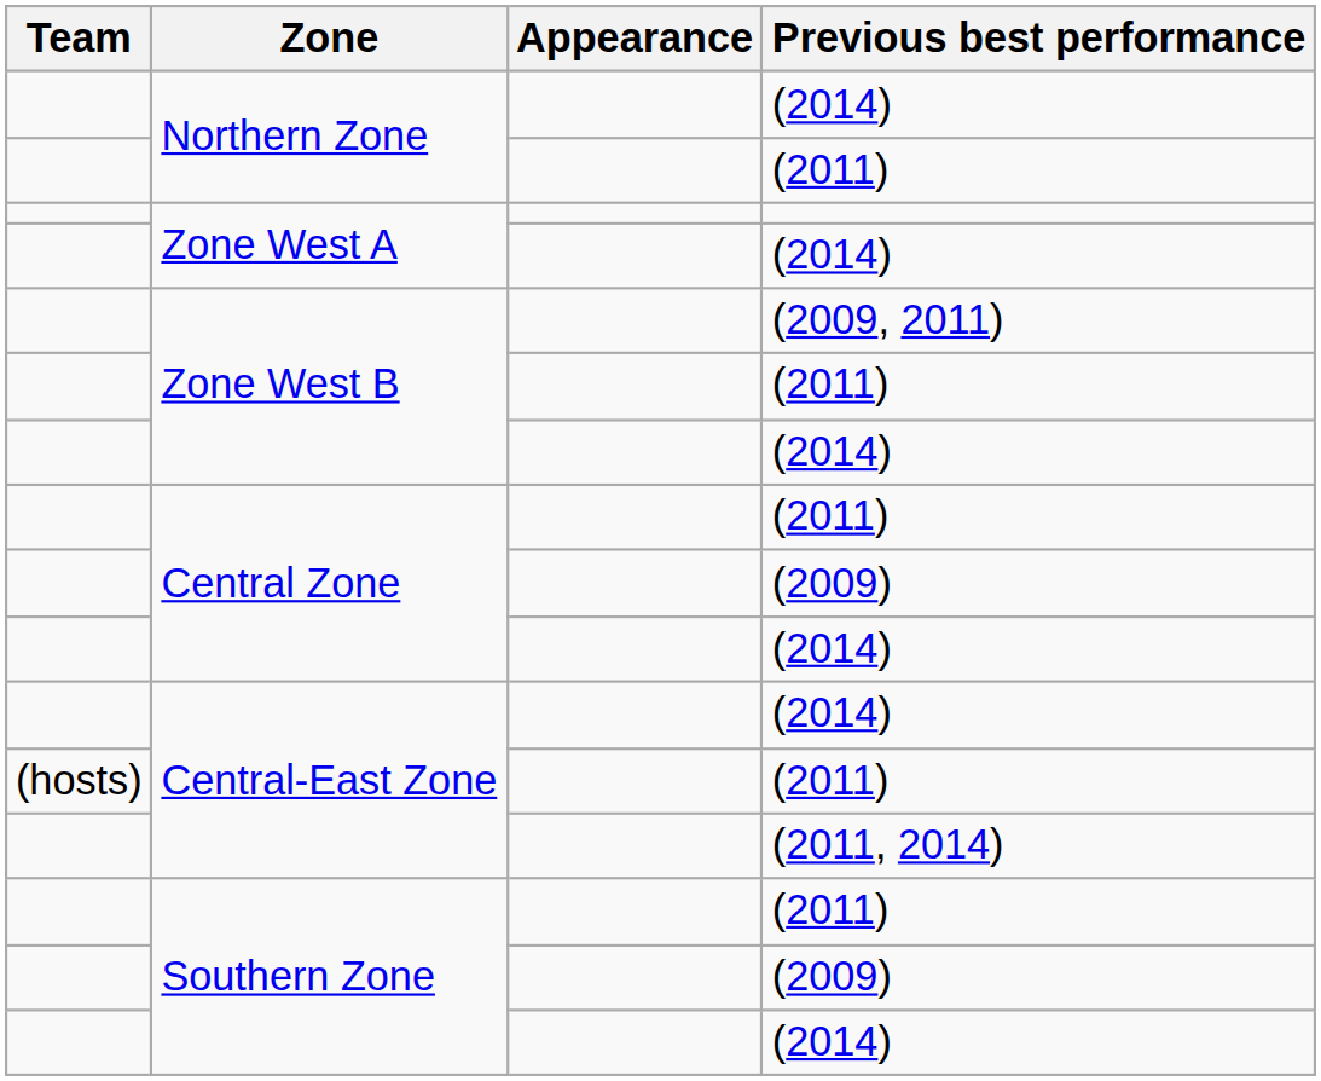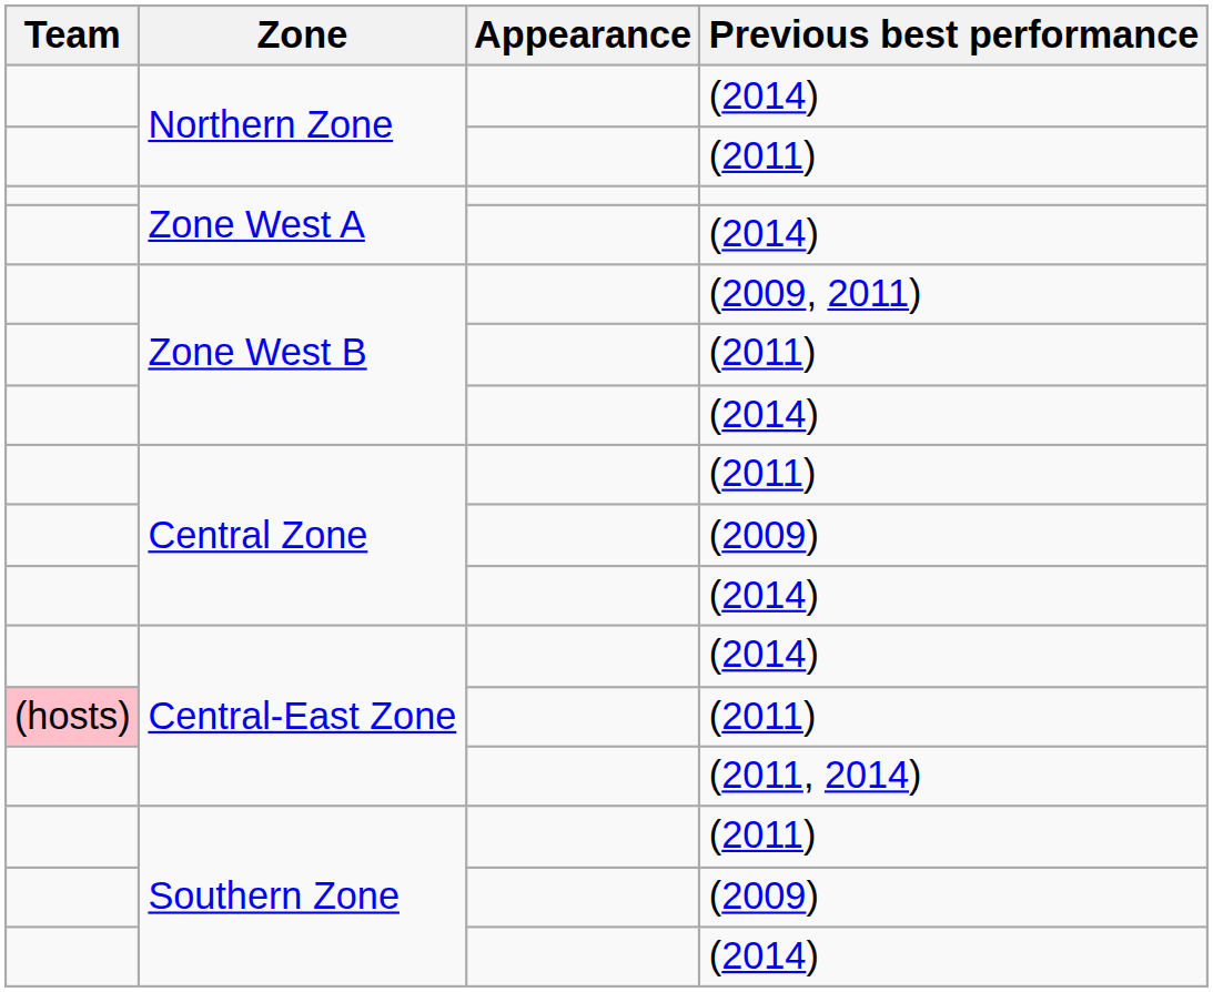 <table class="wikitable sortable" style="text-align: left;">
 <tr>
 <th>Team</th>
 <th>Zone</th>
 <th>Appearance</th>
 <th>Previous best performance</th>
 </tr>
 <tr>
 <td></td>
 <td rowspan=2><a href='#'>Northern Zone</a></td>
 <td></td>
 <td> (<a href='#'>2014</a>)</td>
 </tr>
 <tr>
 <td></td>
 <td></td>
 <td> (<a href='#'>2011</a>)</td>
 </tr>
 <tr>
 <td></td>
 <td rowspan=2><a href='#'>Zone West A</a></td>
 <td></td>
 <td></td>
 </tr>
 <tr>
 <td></td>
 <td></td>
 <td> (<a href='#'>2014</a>)</td>
 </tr>
 <tr>
 <td></td>
 <td rowspan=3><a href='#'>Zone West B</a></td>
 <td></td>
 <td> (<a href='#'>2009</a>, <a href='#'>2011</a>)</td>
 </tr>
 <tr>
 <td></td>
 <td></td>
 <td> (<a href='#'>2011</a>)</td>
 </tr>
 <tr>
 <td></td>
 <td></td>
 <td> (<a href='#'>2014</a>)</td>
 </tr>
 <tr>
 <td></td>
 <td rowspan=3><a href='#'>Central Zone</a></td>
 <td></td>
 <td> (<a href='#'>2011</a>)</td>
 </tr>
 <tr>
 <td></td>
 <td></td>
 <td> (<a href='#'>2009</a>)</td>
 </tr>
 <tr>
 <td></td>
 <td></td>
 <td> (<a href='#'>2014</a>)</td>
 </tr>
 <tr>
 <td></td>
 <td rowspan=3><a href='#'>Central-East Zone</a></td>
 <td></td>
 <td> (<a href='#'>2014</a>)</td>
 </tr>
 <tr>
-<td> (hosts)</td>
+<td style="background: pink;"> (hosts)</td>
 <td></td>
 <td> (<a href='#'>2011</a>)</td>
 </tr>
 <tr>
 <td></td>
 <td></td>
 <td> (<a href='#'>2011</a>, <a href='#'>2014</a>)</td>
 </tr>
 <tr>
 <td></td>
 <td rowspan=3><a href='#'>Southern Zone</a></td>
 <td></td>
 <td> (<a href='#'>2011</a>)</td>
 </tr>
 <tr>
 <td></td>
 <td></td>
 <td> (<a href='#'>2009</a>)</td>
 </tr>
 <tr>
 <td></td>
 <td></td>
 <td> (<a href='#'>2014</a>)</td>
 </tr>
 </table>
